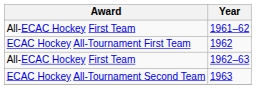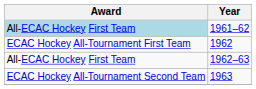 <table class="wikitable">
 <tr>
 <th>Award</th>
 <th>Year</th>
 </tr>
 <tr>
-<td>All-<a href='#'>ECAC Hockey</a> <a href='#'>First Team</a></td>
+<td style="background: lightblue;">All-<a href='#'>ECAC Hockey</a> <a href='#'>First Team</a></td>
 <td><a href='#'>1961–62</a></td>
 </tr>
 <tr>
 <td><a href='#'>ECAC Hockey</a> <a href='#'>All-Tournament First Team</a></td>
 <td><a href='#'>1962</a></td>
 </tr>
 <tr>
 <td>All-<a href='#'>ECAC Hockey</a> <a href='#'>First Team</a></td>
 <td><a href='#'>1962–63</a></td>
 </tr>
 <tr>
 <td><a href='#'>ECAC Hockey</a> <a href='#'>All-Tournament Second Team</a></td>
 <td><a href='#'>1963</a></td>
 </tr>
 <tr>
 </tr>
 </table>
